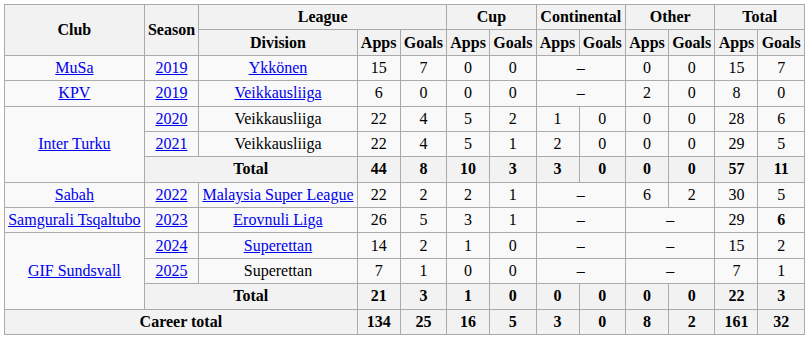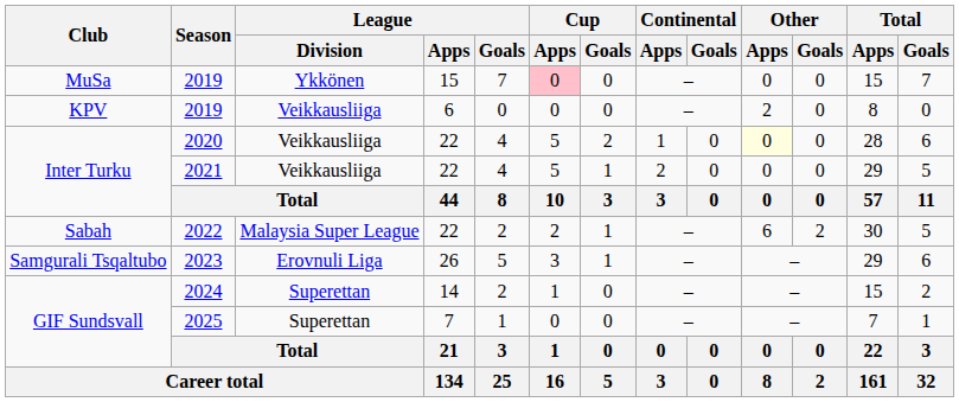 <table class="wikitable" style="text-align: center">
 <tr>
 <th rowspan="2">Club</th>
 <th rowspan="2">Season</th>
 <th colspan="3">League</th>
 <th colspan="2">Cup</th>
 <th colspan="2">Continental</th>
 <th colspan="2">Other</th>
 <th colspan="2">Total</th>
 </tr>
 <tr>
 <th>Division</th>
 <th>Apps</th>
 <th>Goals</th>
 <th>Apps</th>
 <th>Goals</th>
 <th>Apps</th>
 <th>Goals</th>
 <th>Apps</th>
 <th>Goals</th>
 <th>Apps</th>
 <th>Goals</th>
 </tr>
 <tr>
 <td><a href='#'>MuSa</a></td>
 <td><a href='#'>2019</a></td>
 <td><a href='#'>Ykkönen</a></td>
 <td>15</td>
 <td>7</td>
-<td>0</td>
+<td style="background: pink;">0</td>
 <td>0</td>
 <td colspan="2">–</td>
 <td>0</td>
 <td>0</td>
 <td>15</td>
 <td>7</td>
 </tr>
 <tr>
 <td><a href='#'>KPV</a></td>
 <td><a href='#'>2019</a></td>
 <td><a href='#'>Veikkausliiga</a></td>
 <td>6</td>
 <td>0</td>
 <td>0</td>
 <td>0</td>
 <td colspan="2">–</td>
 <td>2</td>
 <td>0</td>
 <td>8</td>
 <td>0</td>
 </tr>
 <tr>
 <td rowspan="3"><a href='#'>Inter Turku</a></td>
 <td><a href='#'>2020</a></td>
 <td>Veikkausliiga</td>
 <td>22</td>
 <td>4</td>
 <td>5</td>
 <td>2</td>
 <td>1</td>
 <td>0</td>
-<td>0</td>
+<td style="background: lightyellow;">0</td>
 <td>0</td>
 <td>28</td>
 <td>6</td>
 </tr>
 <tr>
 <td><a href='#'>2021</a></td>
 <td>Veikkausliiga</td>
 <td>22</td>
 <td>4</td>
 <td>5</td>
 <td>1</td>
 <td>2</td>
 <td>0</td>
 <td>0</td>
 <td>0</td>
 <td>29</td>
 <td>5</td>
 </tr>
 <tr>
 <th colspan=2>Total</th>
 <th>44</th>
 <th>8</th>
 <th>10</th>
 <th>3</th>
 <th>3</th>
 <th>0</th>
 <th>0</th>
 <th>0</th>
 <th>57</th>
 <th>11</th>
 </tr>
 <tr>
 <td><a href='#'>Sabah</a></td>
 <td><a href='#'>2022</a></td>
 <td><a href='#'>Malaysia Super League</a></td>
 <td>22</td>
 <td>2</td>
 <td>2</td>
 <td>1</td>
 <td colspan="2">–</td>
 <td>6</td>
 <td>2</td>
 <td>30</td>
 <td>5</td>
 </tr>
 <tr>
 <td><a href='#'>Samgurali Tsqaltubo</a></td>
 <td><a href='#'>2023</a></td>
 <td><a href='#'>Erovnuli Liga</a></td>
 <td>26</td>
 <td>5</td>
 <td>3</td>
 <td>1</td>
 <td colspan=2>–</td>
 <td colspan=2>–</td>
 <td>29</td>
-<td><strong>6</strong></td>
+<td>6</td>
 </tr>
 <tr>
 <td rowspan=3><a href='#'>GIF Sundsvall</a></td>
 <td><a href='#'>2024</a></td>
 <td><a href='#'>Superettan</a></td>
 <td>14</td>
 <td>2</td>
 <td>1</td>
 <td>0</td>
 <td colspan=2>–</td>
 <td colspan=2>–</td>
 <td>15</td>
 <td>2</td>
 </tr>
 <tr>
 <td><a href='#'>2025</a></td>
 <td>Superettan</td>
 <td>7</td>
 <td>1</td>
 <td>0</td>
 <td>0</td>
 <td colspan=2>–</td>
 <td colspan=2>–</td>
 <td>7</td>
 <td>1</td>
 </tr>
 <tr>
 <th colspan=2>Total</th>
 <th>21</th>
 <th>3</th>
 <th>1</th>
 <th>0</th>
 <th>0</th>
 <th>0</th>
 <th>0</th>
 <th>0</th>
 <th>22</th>
 <th>3</th>
 </tr>
 <tr>
 <th colspan=3>Career total</th>
 <th>134</th>
 <th>25</th>
 <th>16</th>
 <th>5</th>
 <th>3</th>
 <th>0</th>
 <th>8</th>
 <th>2</th>
 <th>161</th>
 <th>32</th>
 </tr>
 </table>
